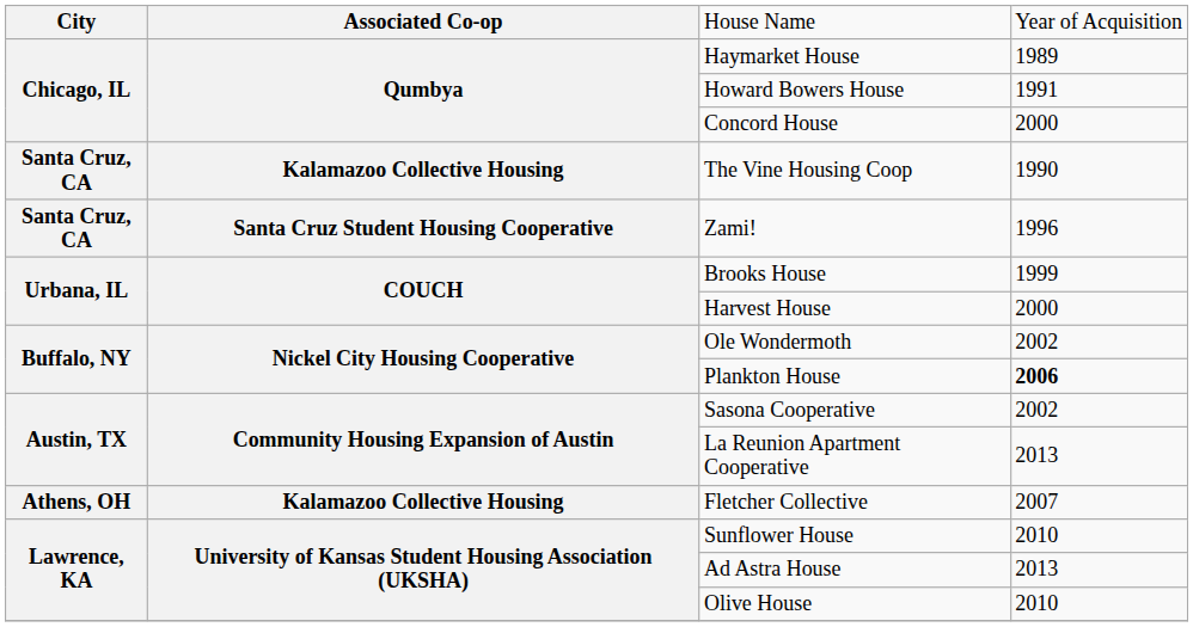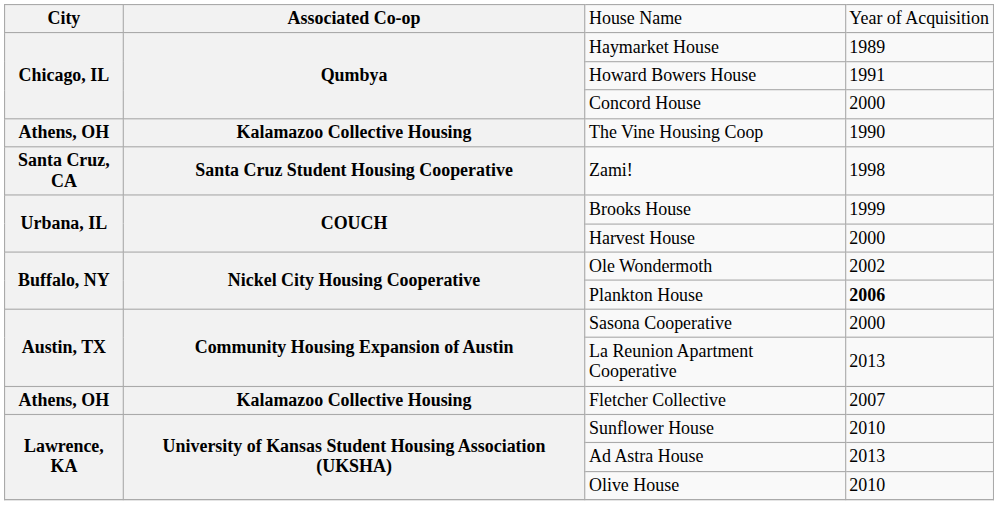 <table class="wikitable" width=100%>
 <tr>
 <th width="12%">City</th>
 <th>Associated Co-op</th>
 <td>House Name</td>
 <td width="15%">Year of Acquisition</td>
 </tr>
 <tr>
 <th rowspan=3>Chicago, IL</th>
 <th rowspan=3>Qumbya</th>
 <td>Haymarket House</td>
 <td>1989</td>
 </tr>
 <tr>
 <td>Howard Bowers House</td>
 <td>1991</td>
 </tr>
 <tr>
 <td>Concord House</td>
 <td>2000</td>
 </tr>
 <tr>
-<th rowspan=1>Santa Cruz, CA</th>
+<th rowspan=1>Athens, OH</th>
 <th rowspan=1>Kalamazoo Collective Housing</th>
 <td>The Vine Housing Coop</td>
 <td>1990</td>
 </tr>
 <tr>
 <th rowspan=1>Santa Cruz, CA</th>
 <th rowspan=1>Santa Cruz Student Housing Cooperative</th>
 <td>Zami!</td>
-<td>1996</td>
+<td>1998</td>
 </tr>
 <tr>
 <th rowspan=2>Urbana, IL</th>
 <th rowspan=2>COUCH</th>
 <td>Brooks House</td>
 <td>1999</td>
 </tr>
 <tr>
 <td>Harvest House</td>
 <td>2000</td>
 </tr>
 <tr>
 <th rowspan=2>Buffalo, NY</th>
 <th rowspan=2>Nickel City Housing Cooperative</th>
 <td>Ole Wondermoth</td>
 <td>2002</td>
 </tr>
 <tr>
 <td>Plankton House</td>
 <td><strong>2006</strong></td>
 </tr>
 <tr>
 <th rowspan=2>Austin, TX</th>
 <th rowspan=2>Community Housing Expansion of Austin</th>
 <td>Sasona Cooperative</td>
-<td>2002</td>
+<td>2000</td>
 </tr>
 <tr>
 <td>La Reunion Apartment Cooperative</td>
 <td>2013</td>
 </tr>
 <tr>
 <th rowspan=1>Athens, OH</th>
 <th rowspan=1>Kalamazoo Collective Housing</th>
 <td>Fletcher Collective</td>
 <td>2007</td>
 </tr>
 <tr>
 <th rowspan=3>Lawrence, KA</th>
 <th rowspan=3>University of Kansas Student Housing Association (UKSHA)</th>
 <td>Sunflower House</td>
 <td>2010</td>
 </tr>
 <tr>
 <td>Ad Astra House</td>
 <td>2013</td>
 </tr>
 <tr>
 <td>Olive House</td>
 <td>2010</td>
 </tr>
 <tr>
 </tr>
 </table>
